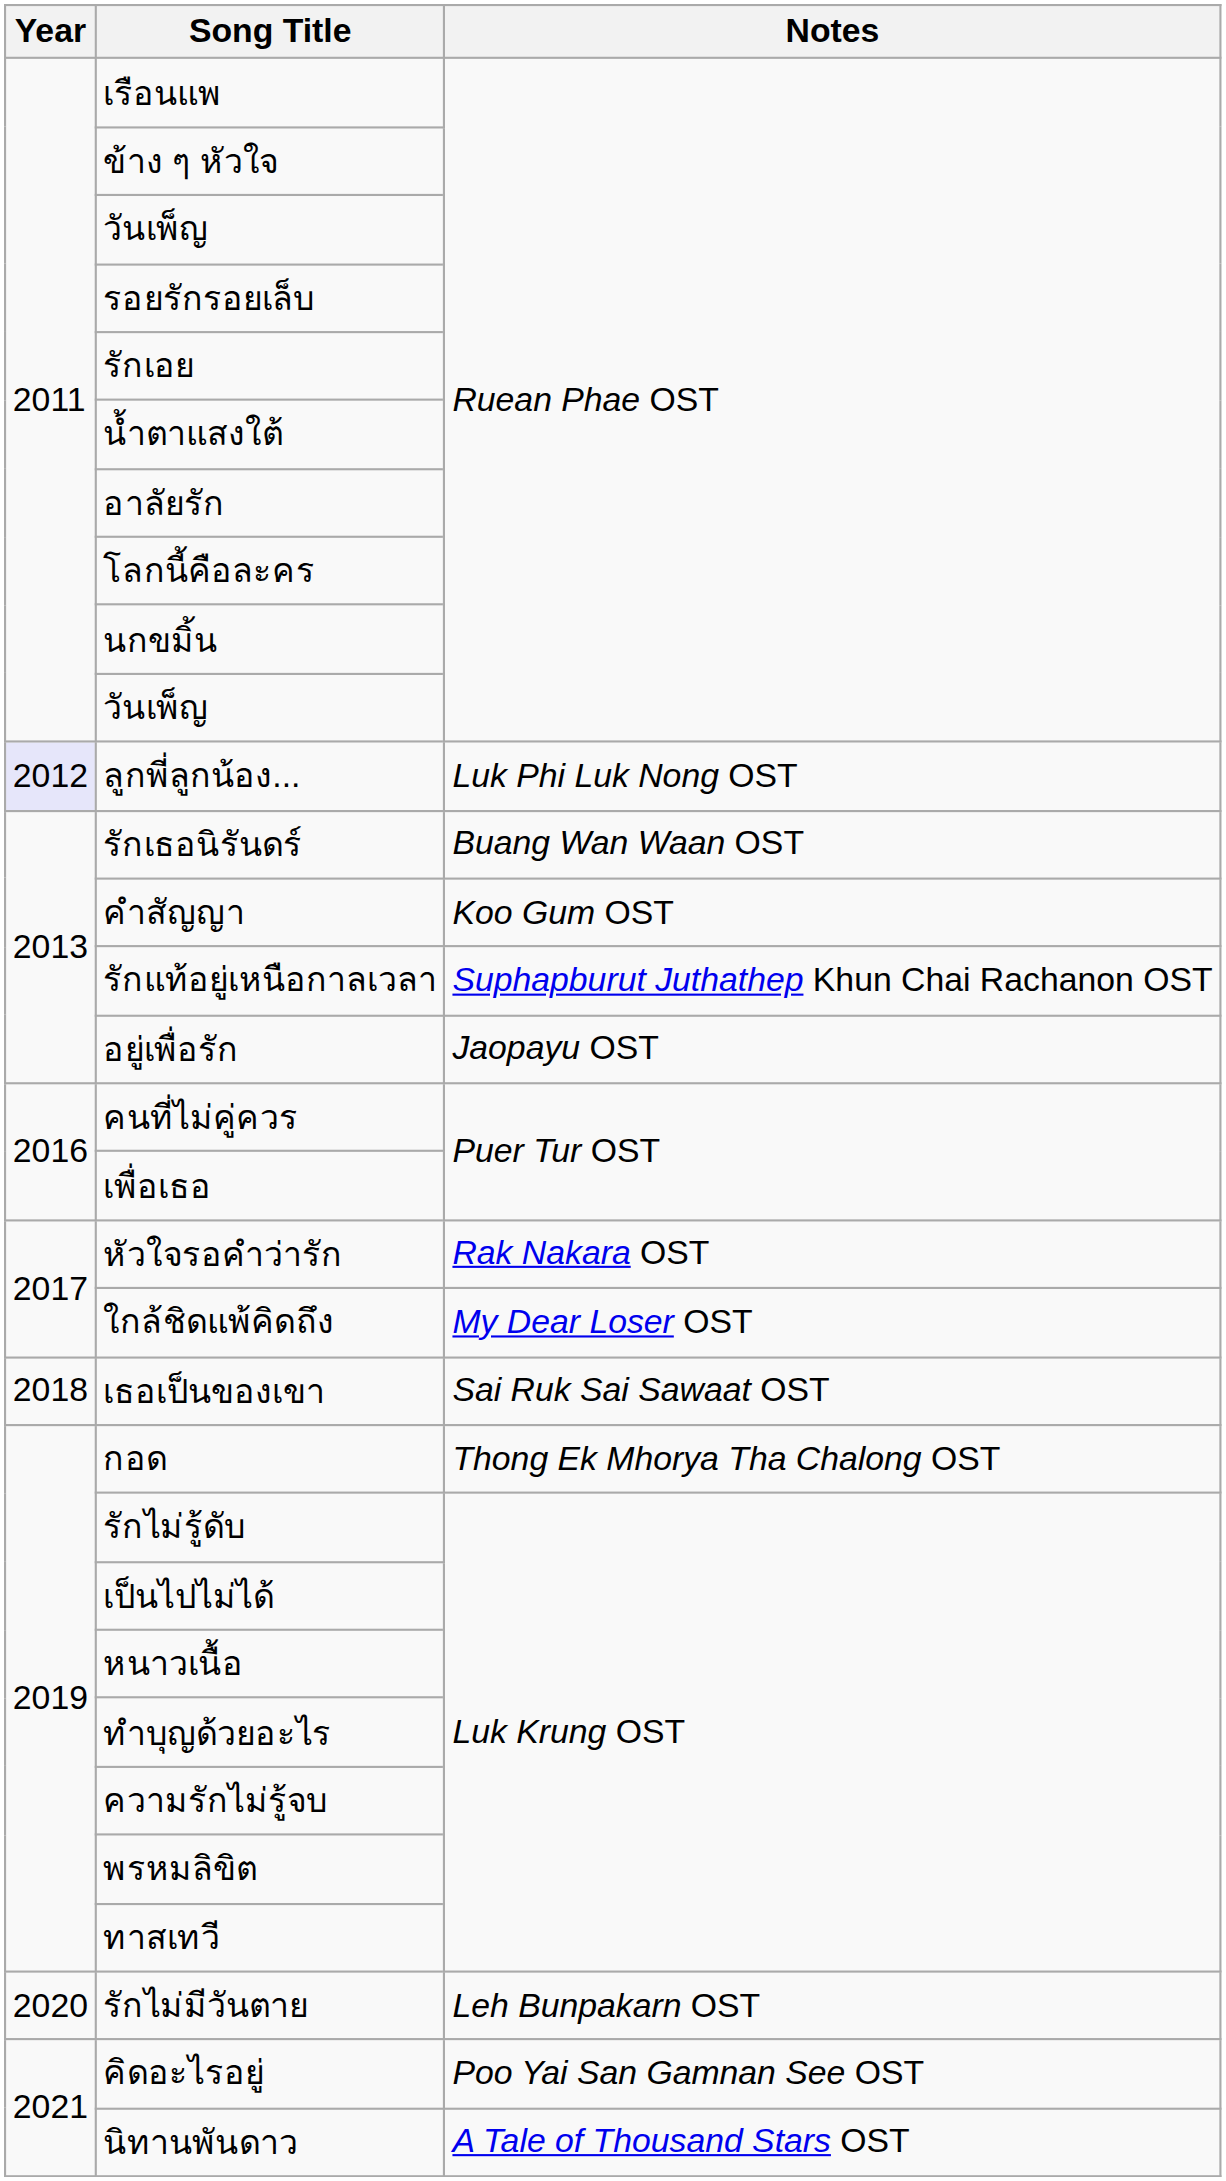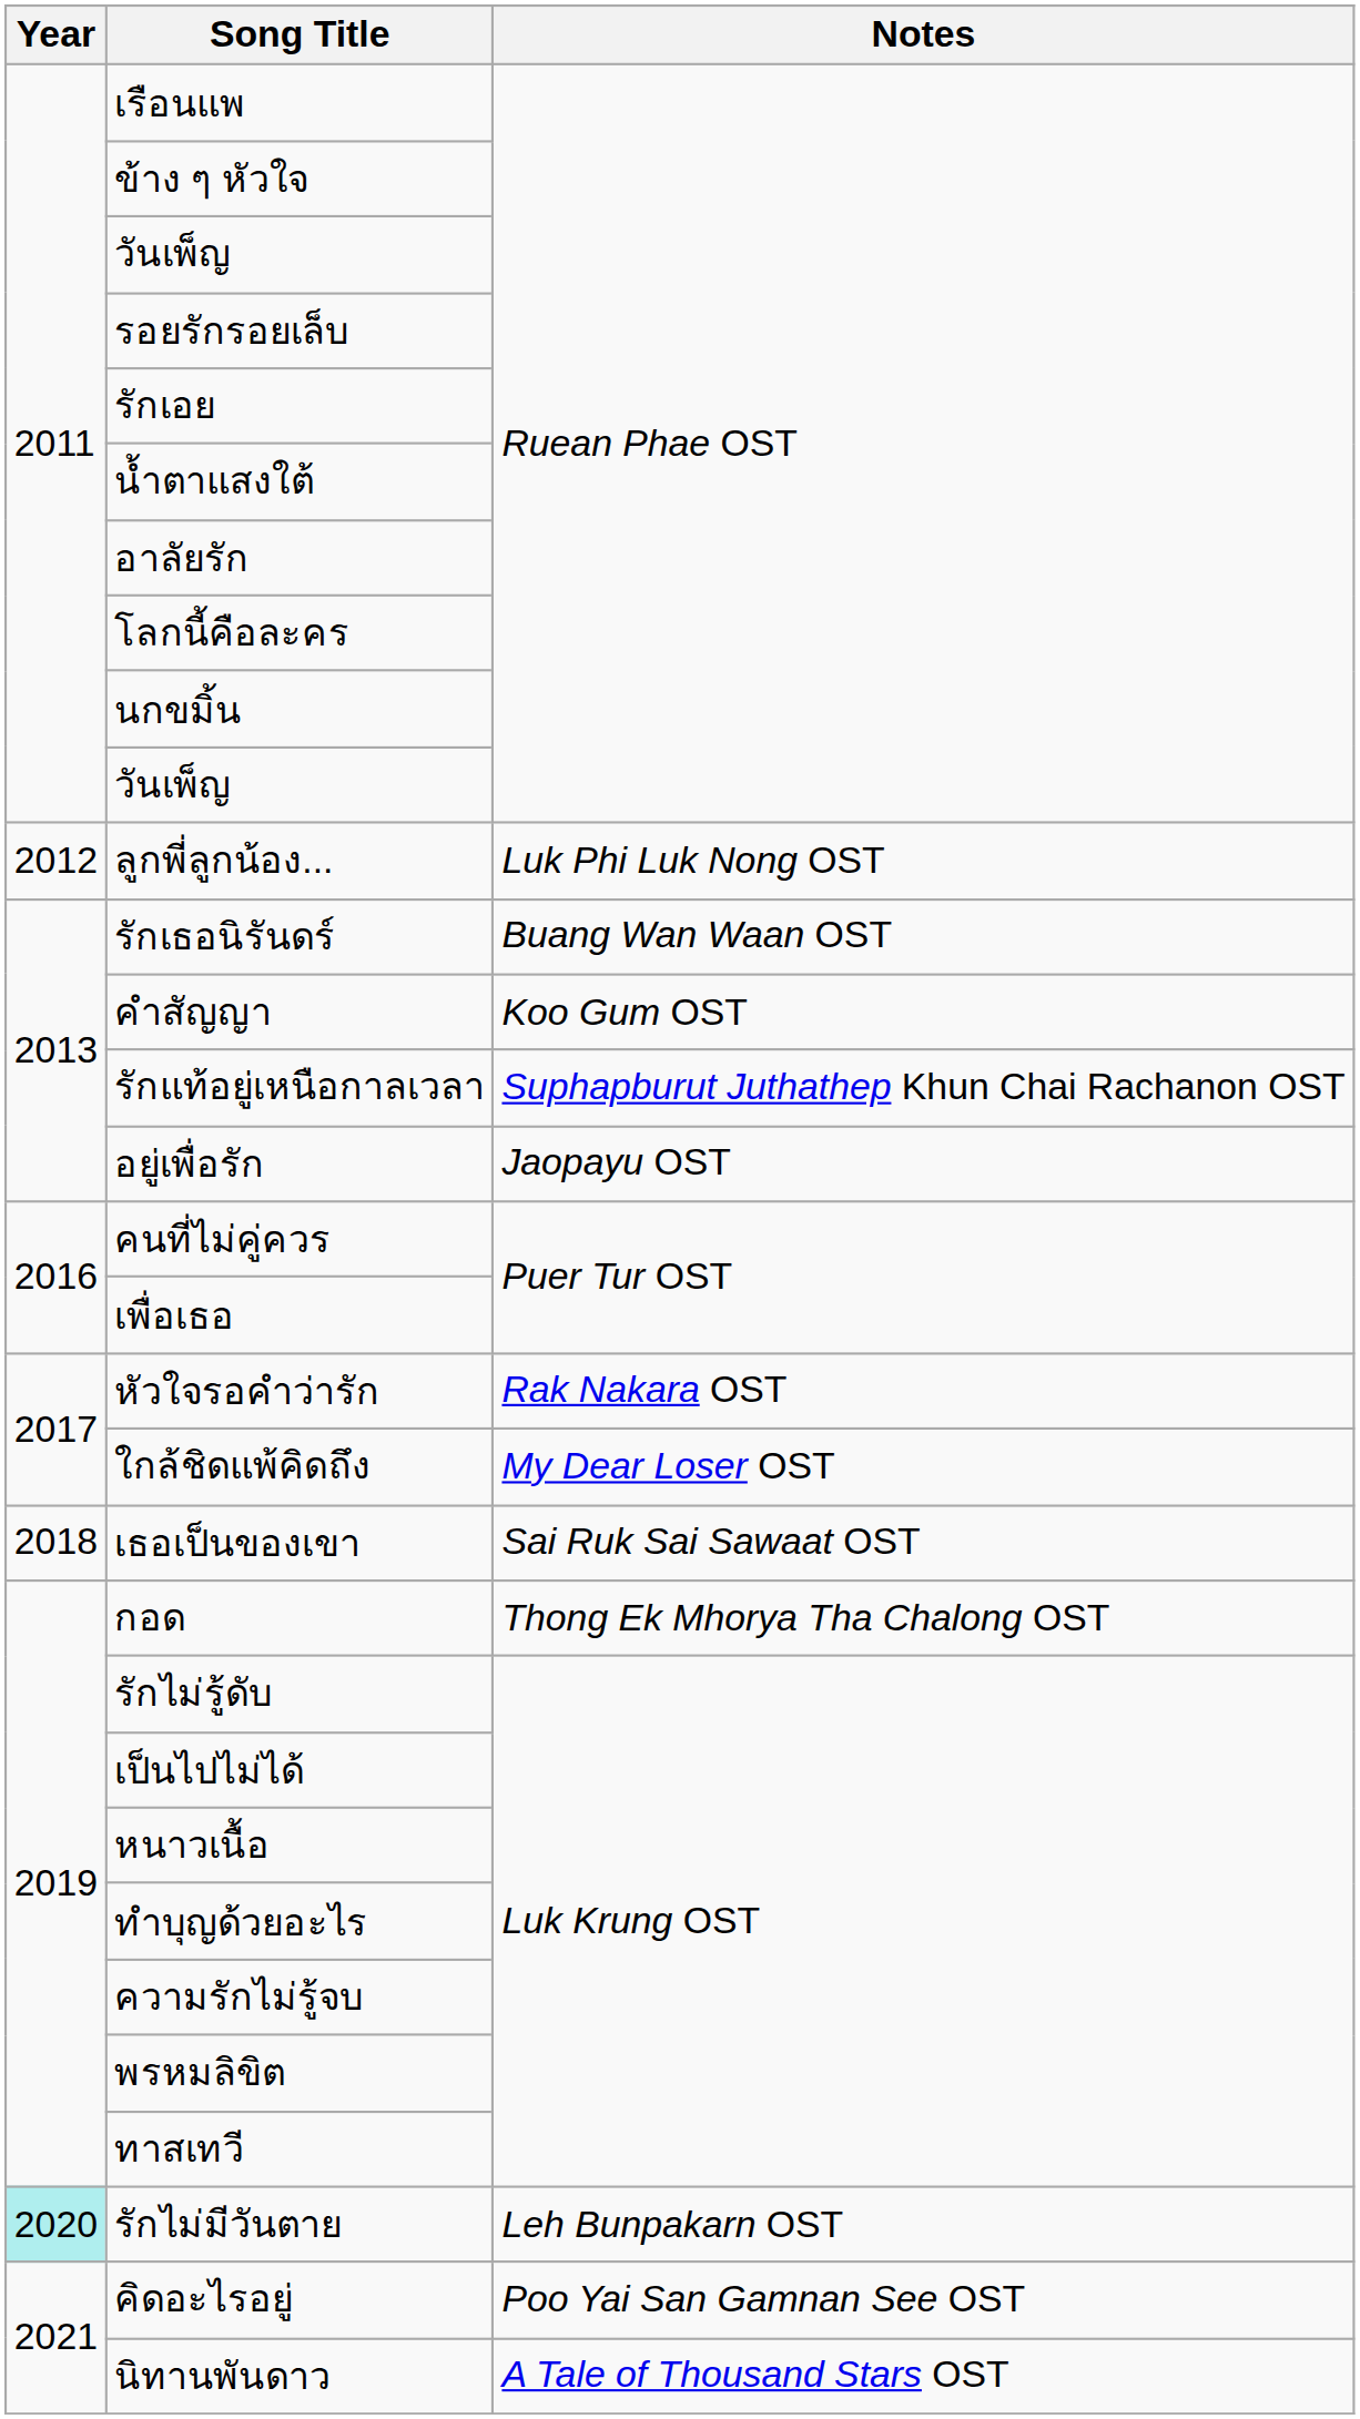 <table class="wikitable">
 <tr>
 <th>Year</th>
 <th>Song Title</th>
 <th>Notes</th>
 </tr>
 <tr>
 <td rowspan="10">2011</td>
 <td>เรือนแพ</td>
 <td rowspan="10"><em>Ruean Phae</em> OST</td>
 </tr>
 <tr>
 <td>ข้าง ๆ หัวใจ</td>
 </tr>
 <tr>
 <td>วันเพ็ญ</td>
 </tr>
 <tr>
 <td>รอยรักรอยเล็บ</td>
 </tr>
 <tr>
 <td>รักเอย</td>
 </tr>
 <tr>
 <td>น้ำตาแสงใต้</td>
 </tr>
 <tr>
 <td>อาลัยรัก</td>
 </tr>
 <tr>
 <td>โลกนี้คือละคร</td>
 </tr>
 <tr>
 <td>นกขมิ้น</td>
 </tr>
 <tr>
 <td>วันเพ็ญ</td>
 </tr>
 <tr>
-<td style="background: lavender;">2012</td>
+<td>2012</td>
 <td>ลูกพี่ลูกน้อง...</td>
 <td><em>Luk Phi Luk Nong</em> OST</td>
 </tr>
 <tr>
 <td rowspan="4">2013</td>
 <td>รักเธอนิรันดร์</td>
 <td><em>Buang Wan Waan</em> OST</td>
 </tr>
 <tr>
 <td>คำสัญญา</td>
 <td><em>Koo Gum</em> OST</td>
 </tr>
 <tr>
 <td>รักแท้อยู่เหนือกาลเวลา</td>
 <td><em><a href='#'>Suphapburut Juthathep</a></em> Khun Chai Rachanon OST</td>
 </tr>
 <tr>
 <td>อยู่เพื่อรัก</td>
 <td><em>Jaopayu</em> OST</td>
 </tr>
 <tr>
 <td rowspan="2">2016</td>
 <td>คนที่ไม่คู่ควร</td>
 <td rowspan="2"><em>Puer Tur</em> OST</td>
 </tr>
 <tr>
 <td>เพื่อเธอ</td>
 </tr>
 <tr>
 <td rowspan="2">2017</td>
 <td>หัวใจรอคำว่ารัก</td>
 <td><em><a href='#'>Rak Nakara</a></em> OST</td>
 </tr>
 <tr>
 <td>ใกล้ชิดแพ้คิดถึง</td>
 <td><em><a href='#'>My Dear Loser</a></em> OST</td>
 </tr>
 <tr>
 <td>2018</td>
 <td>เธอเป็นของเขา</td>
 <td><em>Sai Ruk Sai Sawaat</em> OST</td>
 </tr>
 <tr>
 <td rowspan="8">2019</td>
 <td>กอด</td>
 <td><em>Thong Ek Mhorya Tha Chalong</em> OST</td>
 </tr>
 <tr>
 <td>รักไม่รู้ดับ</td>
 <td rowspan="7"><em>Luk Krung</em> OST</td>
 </tr>
 <tr>
 <td>เป็นไปไม่ได้</td>
 </tr>
 <tr>
 <td>หนาวเนื้อ</td>
 </tr>
 <tr>
 <td>ทำบุญด้วยอะไร</td>
 </tr>
 <tr>
 <td>ความรักไม่รู้จบ</td>
 </tr>
 <tr>
 <td>พรหมลิขิต</td>
 </tr>
 <tr>
 <td>ทาสเทวี</td>
 </tr>
 <tr>
-<td>2020</td>
+<td style="background: paleturquoise;">2020</td>
 <td>รักไม่มีวันตาย</td>
 <td><em>Leh Bunpakarn</em> OST</td>
 </tr>
 <tr>
 <td rowspan="2">2021</td>
 <td>คิดอะไรอยู่</td>
 <td><em>Poo Yai San Gamnan See</em> OST</td>
 </tr>
 <tr>
 <td>นิทานพันดาว</td>
 <td><em><a href='#'>A Tale of Thousand Stars</a></em> OST</td>
 </tr>
 </table>
